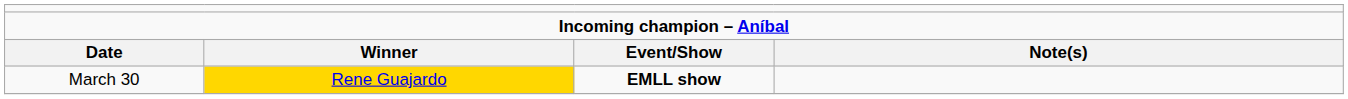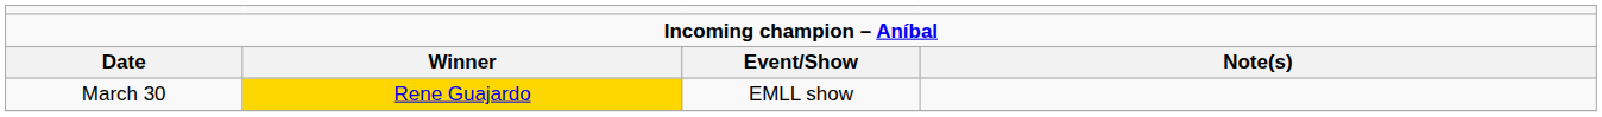 <table class="wikitable" style="text-align:center; width:100%;">
 <tr>
 <td colspan=5></td>
 </tr>
 <tr>
 <td colspan=5><strong>Incoming champion – <a href='#'>Aníbal</a></strong></td>
 </tr>
 <tr>
 <th width=14%>Date</th>
 <th width=26%>Winner</th>
 <th width=14%>Event/Show</th>
 <th width=40%>Note(s)</th>
 </tr>
 <tr>
 <td>March 30</td>
 <td style="background: gold;"><a href='#'>Rene Guajardo</a></td>
-<td><strong>EMLL show</strong></td>
+<td>EMLL show</td>
 <td></td>
 </tr>
 <tr>
 </tr>
 </table>
